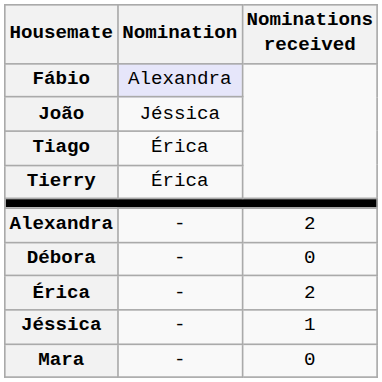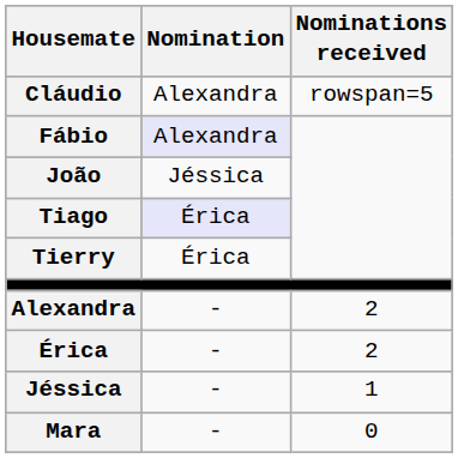 <table class="wikitable" style="text-align:center; font-size:90%; line-height:15px;">
 <tr>
 <th>Housemate</th>
 <th>Nomination</th>
 <th>Nominations<br>received</th>
+</tr>
+<tr>
+<th>Cláudio</th>
+<td>Alexandra</td>
+<td>rowspan=5 </td>
 </tr>
 <tr>
 <th>Fábio</th>
 <td style="background: lavender;">Alexandra</td>
 </tr>
 <tr>
 <th>João</th>
 <td>Jéssica</td>
 </tr>
 <tr>
 <th>Tiago</th>
-<td>Érica</td>
+<td style="background: lavender;">Érica</td>
 </tr>
 <tr>
 <th>Tierry</th>
 <td>Érica</td>
 </tr>
 <tr>
 <th style="background:#000;" colspan="3"></th>
 </tr>
 <tr>
 <th>Alexandra</th>
 <td>-</td>
 <td>2</td>
-</tr>
-<tr>
-<th>Débora</th>
-<td>-</td>
-<td>0</td>
 </tr>
 <tr>
 <th>Érica</th>
 <td>-</td>
 <td>2</td>
 </tr>
 <tr>
 <th>Jéssica</th>
 <td>-</td>
 <td>1</td>
 </tr>
 <tr>
 <th>Mara</th>
 <td>-</td>
 <td>0</td>
 </tr>
 </table>
